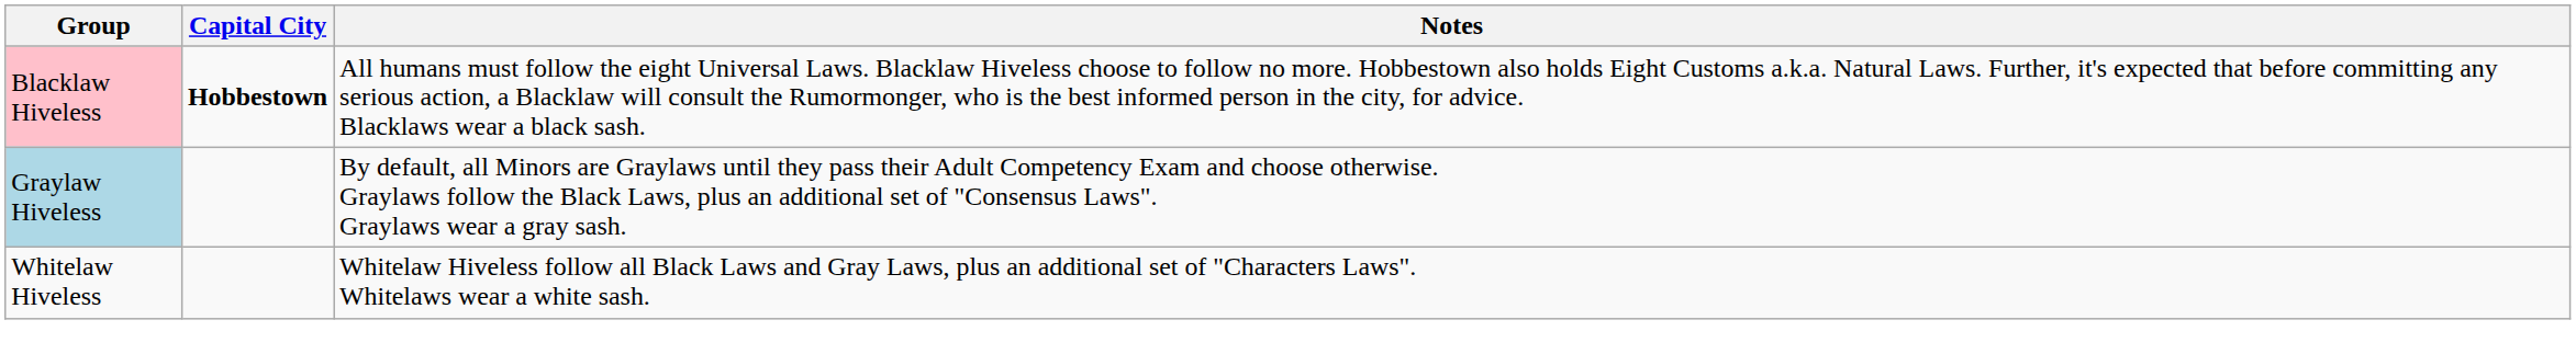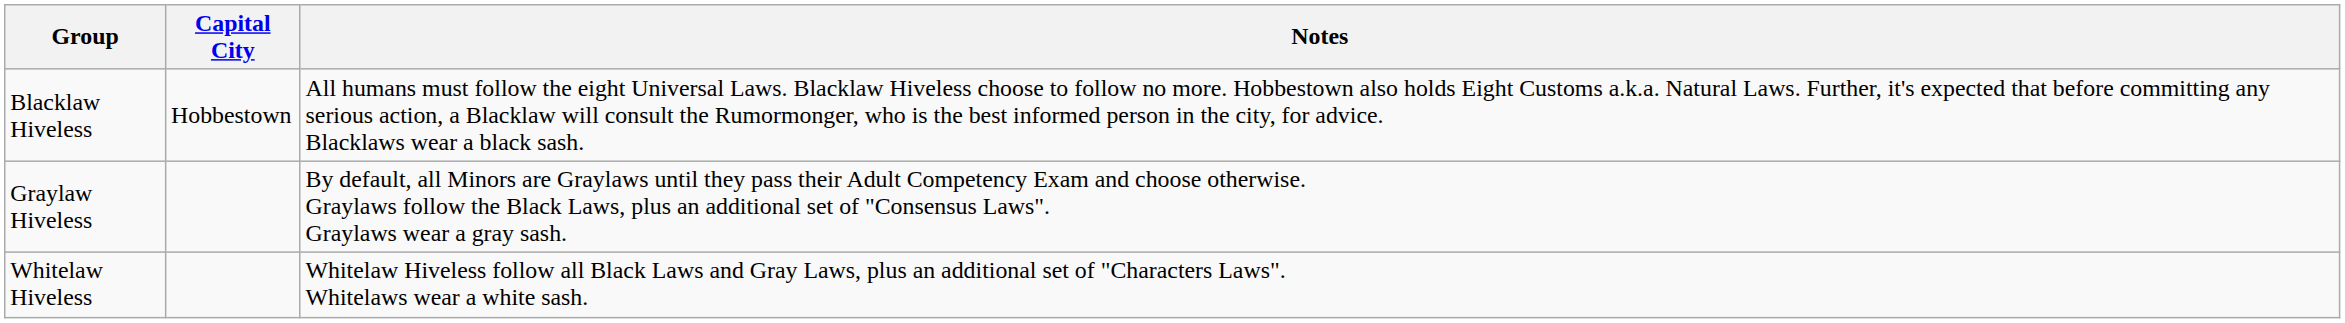 <table class="wikitable">
 <tr>
 <th>Group</th>
 <th><a href='#'>Capital City</a></th>
 <th>Notes</th>
 </tr>
 <tr>
-<td style="background: pink;">Blacklaw Hiveless</td>
-<td><strong>Hobbestown</strong></td>
+<td>Blacklaw Hiveless</td>
+<td>Hobbestown</td>
 <td>All humans must follow the eight Universal Laws. Blacklaw Hiveless choose to follow no more. Hobbestown also holds Eight Customs a.k.a. Natural Laws. Further, it's expected that before committing any serious action, a Blacklaw will consult the Rumormonger, who is the best informed person in the city, for advice.<br>Blacklaws wear a black sash.</td>
 </tr>
 <tr>
-<td style="background: lightblue;">Graylaw Hiveless</td>
+<td>Graylaw Hiveless</td>
 <td></td>
 <td>By default, all Minors are Graylaws until they pass their Adult Competency Exam and choose otherwise.<br>Graylaws follow the Black Laws, plus an additional set of "Consensus Laws".<br>Graylaws wear a gray sash.</td>
 </tr>
 <tr>
 <td>Whitelaw Hiveless</td>
 <td></td>
 <td>Whitelaw Hiveless follow all Black Laws and Gray Laws, plus an additional set of "Characters Laws".<br>Whitelaws wear a white sash.</td>
 </tr>
 </table>
